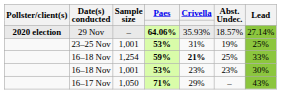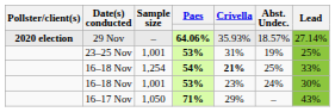 <table class="wikitable sortable" style="text-align:center;font-size:90%;line-height:14px;">
 <tr>
 <th rowspan="2">Pollster/client(s)</th>
 <th rowspan="2">Date(s)<br>conducted</th>
 <th rowspan="2" data-sort-type="number">Sample<br>size</th>
 <th class="unsortable" style="width:50px;"><a href='#'>Paes</a><br></th>
 <th class="unsortable" style="width:50px;"><a href='#'>Crivella</a><br></th>
 <th rowspan="2" class="unsortable">Abst.<br>Undec.</th>
 <th rowspan="2" data-sort-type="number">Lead</th>
 </tr>
 <tr>
 <th data-sort-type="number" class="sortable" style="background:"></th>
 <th data-sort-type="number" class="sortable" style="background:"></th>
 </tr>
 <tr style="background:#E9E9E9;">
 <td><strong>2020 election</strong></td>
 <td>29 Nov</td>
 <td>–</td>
 <td style="background:#D9FCA9;"><strong>64.06%</strong></td>
 <td>35.93%</td>
 <td>18.57%</td>
 <td style="background:#8CC63E;">27.14%</td>
 </tr>
 <tr>
 <td></td>
 <td>23–25 Nov</td>
 <td>1,001</td>
 <td style="background:#D9FCA9;"><strong>53%</strong></td>
 <td>31%</td>
 <td>19%</td>
 <td style="background:#8CC63E;">25%</td>
 </tr>
 <tr>
 <td></td>
 <td>16–18 Nov</td>
 <td>1,254</td>
-<td style="background:#D9FCA9;"><strong>59%</strong></td>
+<td style="background:#D9FCA9;"><strong>54%</strong></td>
 <td><strong>21%</strong></td>
 <td>25%</td>
 <td style="background:#8CC63E;">33%</td>
 </tr>
 <tr>
 <td></td>
 <td>16–18 Nov</td>
 <td>1,001</td>
 <td style="background:#D9FCA9;"><strong>53%</strong></td>
 <td>23%</td>
-<td>23%</td>
+<td>24%</td>
 <td style="background:#8CC63E;">30%</td>
 </tr>
 <tr>
 <td></td>
 <td>16–17 Nov</td>
 <td>1,050</td>
 <td style="background:#D9FCA9;"><strong>71%</strong></td>
 <td>29%</td>
 <td>–</td>
 <td style="background:#8CC63E;">43%</td>
 </tr>
 </table>
